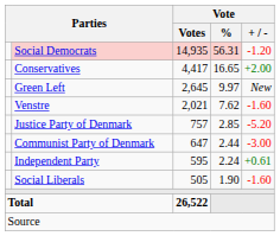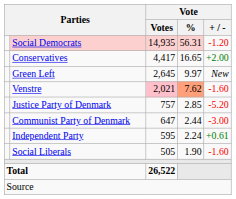 <table class="wikitable" style="text-align:right;">
 <tr>
 <th style="text-align:centre;" rowspan="2" colspan="2" width="225">Parties</th>
 <th colspan="3">Vote</th>
 </tr>
 <tr>
 <th width="15">Votes</th>
 <th width="15">%</th>
 <th width="15">+ / -</th>
 </tr>
 <tr>
 <td width="2" style="color:inherit;background:"></td>
 <td bgcolor=#fbd0ce  align="left"><a href='#'>Social Democrats</a></td>
 <td bgcolor=#fbd0ce>14,935</td>
 <td bgcolor=#fbd0ce>56.31</td>
 <td style=color:red;>-1.20</td>
 </tr>
 <tr>
 <td width="2" style="color:inherit;background:"></td>
 <td align="left"><a href='#'>Conservatives</a></td>
 <td>4,417</td>
 <td>16.65</td>
 <td style=color:green;>+2.00</td>
 </tr>
 <tr>
 <td width="2" style="color:inherit;background:"></td>
 <td align="left"><a href='#'>Green Left</a></td>
 <td>2,645</td>
 <td>9.97</td>
 <td><em>New</em></td>
 </tr>
 <tr>
 <td width="2" style="color:inherit;background:"></td>
 <td align="left"><a href='#'>Venstre</a></td>
-<td>2,021</td>
-<td>7.62</td>
+<td style="background: pink;">2,021</td>
+<td style="background: lightsalmon;">7.62</td>
 <td style=color:red;>-1.60</td>
 </tr>
 <tr>
 <td width="2" style="color:inherit;background:"></td>
 <td align="left"><a href='#'>Justice Party of Denmark</a></td>
 <td>757</td>
 <td>2.85</td>
 <td style=color:red;>-5.20</td>
 </tr>
 <tr>
 <td width="2" style="color:inherit;background:"></td>
 <td align="left"><a href='#'>Communist Party of Denmark</a></td>
 <td>647</td>
 <td>2.44</td>
 <td style=color:red;>-3.00</td>
 </tr>
 <tr>
 <td width="2" style="color:inherit;background:"></td>
 <td align="left"><a href='#'>Independent Party</a></td>
 <td>595</td>
 <td>2.24</td>
 <td style=color:green;>+0.61</td>
 </tr>
 <tr>
 <td width="2" style="color:inherit;background:"></td>
 <td align="left"><a href='#'>Social Liberals</a></td>
 <td>505</td>
 <td>1.90</td>
 <td style=color:red;>-1.60</td>
 </tr>
 <tr>
 <td colspan="7" bgcolor="#E9E9E9"></td>
 </tr>
 <tr>
 <td align="left" colspan="2"><strong>Total</strong></td>
 <td><strong>26,522</strong></td>
 <td bgcolor="#E9E9E9" colspan="2"></td>
 </tr>
 <tr>
 <td align="left" colspan="6">Source</td>
 </tr>
 </table>
